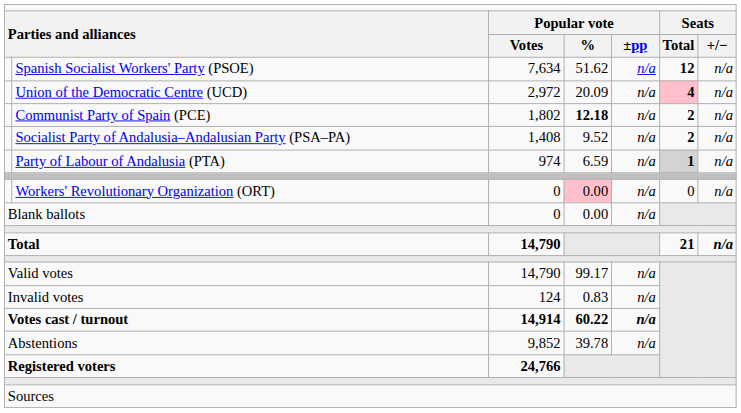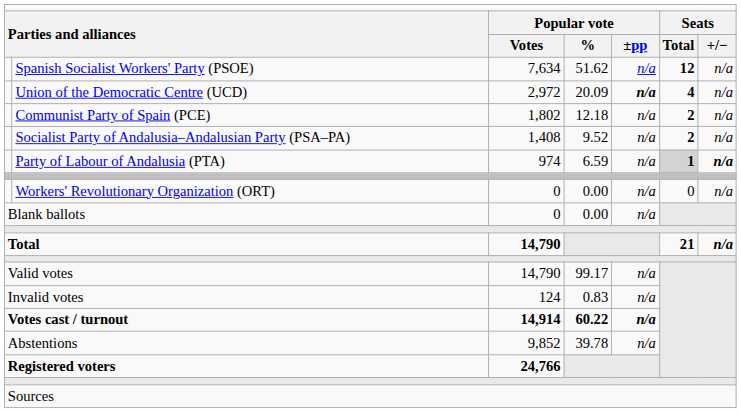 <table class="wikitable" style="text-align:right;">
 <tr>
 <td colspan="7"></td>
 </tr>
 <tr>
 <th style="text-align:left;" rowspan="2" colspan="2" width="525">Parties and alliances</th>
 <th colspan="3">Popular vote</th>
 <th colspan="2">Seats</th>
 </tr>
 <tr>
 <th width="75">Votes</th>
 <th width="45">%</th>
 <th width="45">±<a href='#'>pp</a></th>
 <th width="35">Total</th>
 <th width="35">+/−</th>
 </tr>
 <tr>
 <td width="1" style="color:inherit;background:"></td>
 <td align="left"><a href='#'>Spanish Socialist Workers' Party</a> (PSOE)</td>
 <td>7,634</td>
 <td>51.62</td>
 <td><em><a href='#'>n/a</a></em></td>
 <td><strong>12</strong></td>
 <td><em>n/a</em></td>
 </tr>
 <tr>
 <td style="color:inherit;background:"></td>
 <td align="left"><a href='#'>Union of the Democratic Centre</a> (UCD)</td>
 <td>2,972</td>
 <td>20.09</td>
-<td><em>n/a</em></td>
-<td style="background: pink;"><strong>4</strong></td>
+<td><strong><em>n/a</em></strong></td>
+<td><strong>4</strong></td>
 <td><em>n/a</em></td>
 </tr>
 <tr>
 <td style="color:inherit;background:"></td>
 <td align="left"><a href='#'>Communist Party of Spain</a> (PCE)</td>
 <td>1,802</td>
-<td><strong>12.18</strong></td>
+<td>12.18</td>
 <td><em>n/a</em></td>
 <td><strong>2</strong></td>
 <td><em>n/a</em></td>
 </tr>
 <tr>
 <td style="color:inherit;background:"></td>
 <td align="left"><a href='#'>Socialist Party of Andalusia–Andalusian Party</a> (PSA–PA)</td>
 <td>1,408</td>
 <td>9.52</td>
 <td><em>n/a</em></td>
 <td><strong>2</strong></td>
 <td><em>n/a</em></td>
 </tr>
 <tr>
 <td style="color:inherit;background:"></td>
 <td align="left"><a href='#'>Party of Labour of Andalusia</a> (PTA)</td>
 <td>974</td>
 <td>6.59</td>
 <td><em>n/a</em></td>
 <td style="background: lightgrey;"><strong>1</strong></td>
-<td><em>n/a</em></td>
+<td><strong><em>n/a</em></strong></td>
 </tr>
 <tr>
 <td colspan="7" bgcolor="#C0C0C0"></td>
 </tr>
 <tr>
 <td style="color:inherit;background:"></td>
 <td align="left"><a href='#'>Workers' Revolutionary Organization</a> (ORT)</td>
 <td>0</td>
-<td style="background: pink;">0.00</td>
+<td>0.00</td>
 <td><em>n/a</em></td>
 <td>0</td>
 <td><em>n/a</em></td>
 </tr>
 <tr>
 <td align="left" colspan="2">Blank ballots</td>
 <td>0</td>
 <td>0.00</td>
 <td><em>n/a</em></td>
 <td bgcolor="#E9E9E9" colspan="2"></td>
 </tr>
 <tr>
 <td colspan="7" bgcolor="#E9E9E9"></td>
 </tr>
 <tr style="font-weight:bold;">
 <td align="left" colspan="2">Total</td>
 <td>14,790</td>
 <td bgcolor="#E9E9E9" colspan="2"></td>
 <td>21</td>
 <td><em>n/a</em></td>
 </tr>
 <tr>
 <td colspan="7" bgcolor="#E9E9E9"></td>
 </tr>
 <tr>
 <td align="left" colspan="2">Valid votes</td>
 <td>14,790</td>
 <td>99.17</td>
 <td><em>n/a</em></td>
 <td bgcolor="#E9E9E9" colspan="2" rowspan="5"></td>
 </tr>
 <tr>
 <td align="left" colspan="2">Invalid votes</td>
 <td>124</td>
 <td>0.83</td>
 <td><em>n/a</em></td>
 </tr>
 <tr style="font-weight:bold;">
 <td align="left" colspan="2">Votes cast / turnout</td>
 <td>14,914</td>
 <td>60.22</td>
 <td><em>n/a</em></td>
 </tr>
 <tr>
 <td align="left" colspan="2">Abstentions</td>
 <td>9,852</td>
 <td>39.78</td>
 <td><em>n/a</em></td>
 </tr>
 <tr style="font-weight:bold;">
 <td align="left" colspan="2">Registered voters</td>
 <td>24,766</td>
 <td bgcolor="#E9E9E9" colspan="2"></td>
 </tr>
 <tr>
 <td colspan="7" bgcolor="#E9E9E9"></td>
 </tr>
 <tr>
 <td align="left" colspan="7">Sources</td>
 </tr>
 </table>
